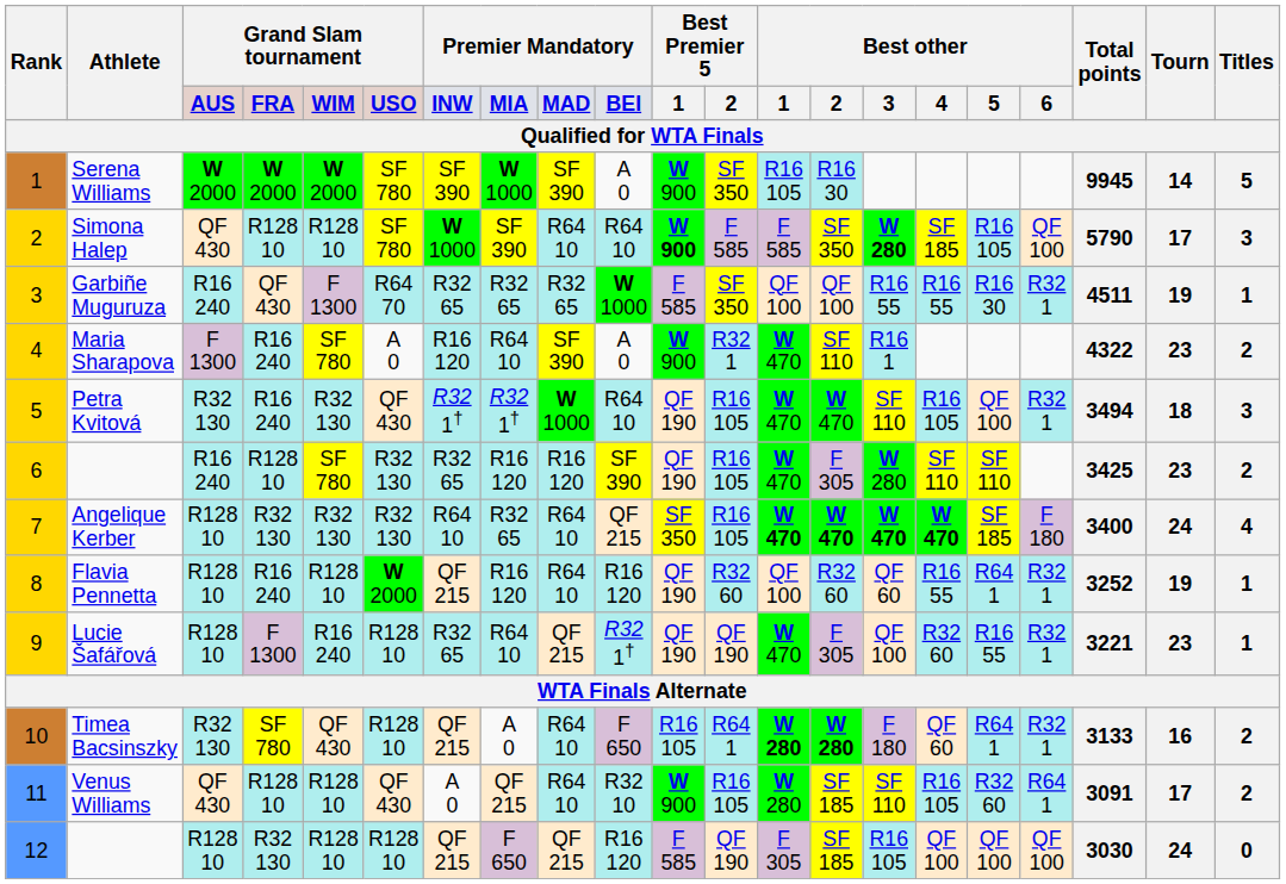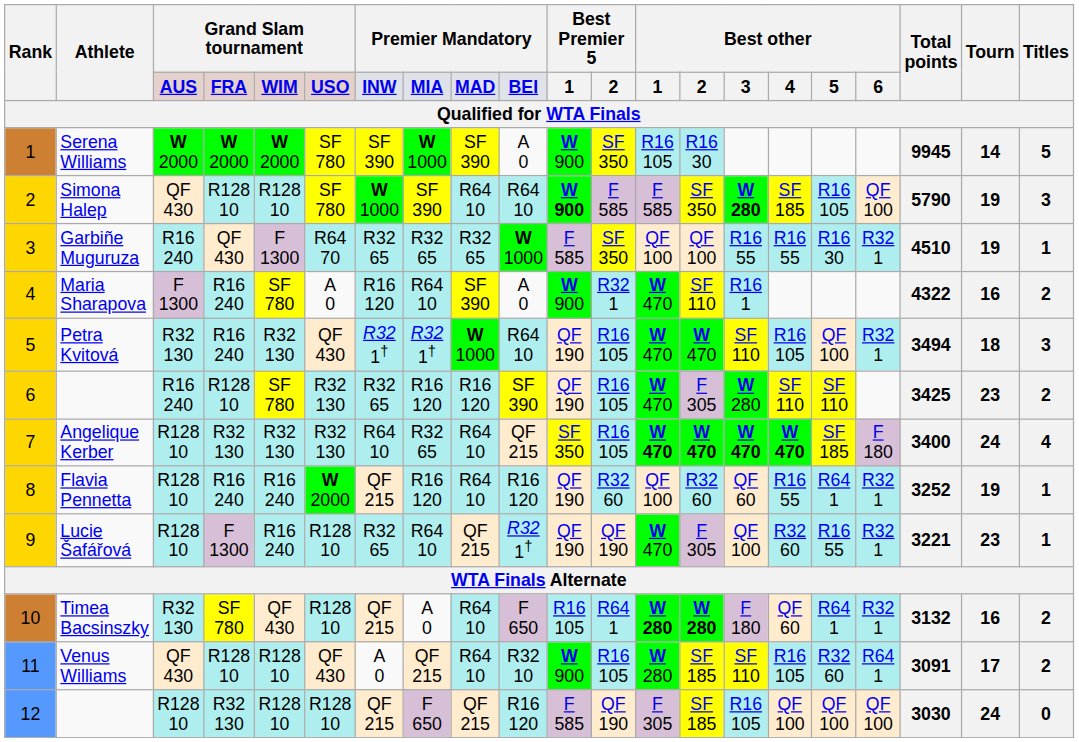 <table class=wikitable style=font-size:90%;text-align:center>
 <tr>
 <th rowspan=2>Rank</th>
 <th rowspan=2>Athlete</th>
 <th colspan=4>Grand Slam tournament</th>
 <th colspan=4>Premier Mandatory</th>
 <th colspan=2>Best Premier 5</th>
 <th colspan="6">Best other</th>
 <th rowspan=2>Total points</th>
 <th rowspan=2>Tourn</th>
 <th rowspan=2>Titles</th>
 </tr>
 <tr>
 <td style="background:#e5d1cb;"><strong><a href='#'>AUS</a></strong></td>
 <td style="background:#e5d1cb;"><strong><a href='#'>FRA</a></strong></td>
 <td style="background:#e5d1cb;"><strong><a href='#'>WIM</a></strong></td>
 <td style="background:#e5d1cb;"><strong><a href='#'>USO</a></strong></td>
 <td style="background:#dfe2e9;"><strong><a href='#'>INW</a></strong></td>
 <td style="background:#dfe2e9;"><strong><a href='#'>MIA</a></strong></td>
 <td style="background:#dfe2e9;"><strong><a href='#'>MAD</a></strong></td>
 <td style="background:#dfe2e9;"><strong><a href='#'>BEI</a></strong></td>
 <th width=30>1</th>
 <th width=30>2</th>
 <th width=30>1</th>
 <th width=30>2</th>
 <th width=30>3</th>
 <th width=30>4</th>
 <th width=30>5</th>
 <th width=30>6</th>
 </tr>
 <tr>
 <th colspan="26" align="central">Qualified for <a href='#'>WTA Finals</a></th>
 </tr>
 <tr>
 <td style="background:#cd7f32;">1</td>
 <td style="text-align:left;"> <a href='#'>Serena Williams</a></td>
 <td bgcolor=lime><strong>W</strong><br>2000</td>
 <td bgcolor=lime><strong>W</strong><br>2000</td>
 <td bgcolor=lime><strong>W</strong><br>2000</td>
 <td style="background:yellow;">SF<br>780</td>
 <td style="background:yellow;">SF<br>390</td>
 <td bgcolor=lime><strong>W</strong><br>1000</td>
 <td style="background:yellow;">SF<br>390</td>
 <td>A<br>0</td>
 <td bgcolor=lime><a href='#'><strong>W</strong></a><br>900</td>
 <td style="background:yellow;"><a href='#'>SF</a><br>350</td>
 <td style="background:#afeeee;"><a href='#'>R16</a><br>105</td>
 <td style="background:#afeeee;"><a href='#'>R16</a><br>30</td>
 <td></td>
 <td></td>
 <td></td>
 <td></td>
 <th>9945</th>
 <th>14</th>
 <th>5</th>
 </tr>
 <tr>
 <td bgcolor=gold>2</td>
 <td style="text-align:left;"> <a href='#'>Simona Halep</a></td>
 <td style="background:#ffebcd;">QF<br>430</td>
 <td style="background:#afeeee;">R128<br>10</td>
 <td style="background:#afeeee;">R128<br>10</td>
 <td style="background:yellow;">SF<br>780</td>
 <td bgcolor=lime><strong>W</strong><br>1000</td>
 <td style="background:yellow;">SF<br>390</td>
 <td style="background:#afeeee;">R64<br>10</td>
 <td style="background:#afeeee;">R64<br>10</td>
 <td bgcolor=lime><strong><a href='#'>W</a></strong><br><strong>900</strong></td>
 <td style="background:thistle;"><a href='#'>F</a><br>585</td>
 <td style="background:thistle;"><a href='#'>F</a><br>585</td>
 <td style="background:yellow;"><a href='#'>SF</a><br>350</td>
 <td bgcolor=lime><strong><a href='#'>W</a></strong><br><strong>280</strong></td>
 <td style="background:yellow;"><a href='#'>SF</a><br>185</td>
 <td style="background:#afeeee;"><a href='#'>R16</a><br>105</td>
 <td style="background:#ffebcd;"><a href='#'>QF</a><br>100</td>
 <th>5790</th>
-<th>17</th>
+<th>19</th>
 <th>3</th>
 </tr>
 <tr>
 <td bgcolor=gold>3</td>
 <td style="text-align:left;"> <a href='#'>Garbiñe Muguruza</a></td>
 <td style="background:#afeeee;">R16<br>240</td>
 <td style="background:#ffebcd;">QF<br>430</td>
 <td style="background:thistle;">F<br>1300</td>
 <td style="background:#afeeee;">R64<br>70</td>
 <td style="background:#afeeee;">R32<br>65</td>
 <td style="background:#afeeee;">R32<br>65</td>
 <td style="background:#afeeee;">R32<br>65</td>
 <td bgcolor=lime><strong>W</strong><br>1000</td>
 <td style="background:thistle;"><a href='#'>F</a><br>585</td>
 <td style="background:yellow;"><a href='#'>SF</a><br>350</td>
 <td style="background:#ffebcd;"><a href='#'>QF</a><br>100</td>
 <td style="background:#ffebcd;"><a href='#'>QF</a><br>100</td>
 <td style="background:#afeeee;"><a href='#'>R16</a><br>55</td>
 <td style="background:#afeeee;"><a href='#'>R16</a><br>55</td>
 <td style="background:#afeeee;"><a href='#'>R16</a><br>30</td>
 <td style="background:#afeeee;"><a href='#'>R32</a><br>1</td>
-<th>4511</th>
+<th>4510</th>
 <th>19</th>
 <th>1</th>
 </tr>
 <tr>
 <td bgcolor=gold>4</td>
 <td style="text-align:left;"> <a href='#'>Maria Sharapova</a></td>
 <td style="background:thistle;">F<br>1300</td>
 <td style="background:#afeeee;">R16<br>240</td>
 <td style="background:yellow;">SF<br>780</td>
 <td>A<br>0</td>
 <td style="background:#afeeee;">R16<br>120</td>
 <td style="background:#afeeee;">R64<br>10</td>
 <td style="background:yellow;">SF<br>390</td>
 <td>A<br>0</td>
 <td bgcolor=lime><a href='#'><strong>W</strong></a><br>900</td>
 <td style="background:#afeeee;"><a href='#'>R32</a><br>1</td>
 <td bgcolor=lime><a href='#'><strong>W</strong></a><br>470</td>
 <td style="background:yellow;"><a href='#'>SF</a><br>110</td>
 <td style="background:#afeeee;"><a href='#'>R16</a><br>1</td>
 <td></td>
 <td></td>
 <td></td>
 <th>4322</th>
-<th>23</th>
+<th>16</th>
 <th>2</th>
 </tr>
 <tr>
 <td bgcolor=gold>5</td>
 <td style="text-align:left;"> <a href='#'>Petra Kvitová</a></td>
 <td style="background:#afeeee;">R32<br>130</td>
 <td style="background:#afeeee;">R16<br>240</td>
 <td style="background:#afeeee;">R32<br>130</td>
 <td style="background:#ffebcd;">QF<br>430</td>
 <td style="background:#afeeee;"><em><a href='#'>R32</a></em><br>1<sup>†</sup></td>
 <td style="background:#afeeee;"><em><a href='#'>R32</a></em><br>1<sup>†</sup></td>
 <td bgcolor=lime><strong>W</strong><br>1000</td>
 <td style="background:#afeeee;">R64<br>10</td>
 <td style="background:#ffebcd;"><a href='#'>QF</a><br>190</td>
 <td style="background:#afeeee;"><a href='#'>R16</a><br>105</td>
 <td bgcolor=lime><a href='#'><strong>W</strong></a><br>470</td>
 <td bgcolor=lime><a href='#'><strong>W</strong></a><br>470</td>
 <td style="background:yellow;"><a href='#'>SF</a><br>110</td>
 <td style="background:#afeeee;"><a href='#'>R16</a><br>105</td>
 <td style="background:#ffebcd;"><a href='#'>QF</a><br>100</td>
 <td style="background:#afeeee;"><a href='#'>R32</a><br>1</td>
 <th>3494</th>
 <th>18</th>
 <th>3</th>
 </tr>
 <tr>
 <td bgcolor=gold>6</td>
 <td style="text-align:left;"></td>
 <td style="background:#afeeee;">R16<br>240</td>
 <td style="background:#afeeee;">R128<br>10</td>
 <td style="background:yellow;">SF<br>780</td>
 <td style="background:#afeeee;">R32<br>130</td>
 <td style="background:#afeeee;">R32<br>65</td>
 <td style="background:#afeeee;">R16<br>120</td>
 <td style="background:#afeeee;">R16<br>120</td>
 <td style="background:yellow;">SF<br>390</td>
 <td style="background:#ffebcd;"><a href='#'>QF</a><br>190</td>
 <td style="background:#afeeee;"><a href='#'>R16</a><br>105</td>
 <td bgcolor=lime><strong><a href='#'>W</a></strong><br>470</td>
 <td style="background:thistle;"><a href='#'>F</a><br>305</td>
 <td bgcolor=lime><strong><a href='#'>W</a></strong><br>280</td>
 <td style="background:yellow;"><a href='#'>SF</a><br>110</td>
 <td style="background:yellow;"><a href='#'>SF</a><br>110</td>
 <td></td>
 <th>3425</th>
 <th>23</th>
 <th>2</th>
 </tr>
 <tr>
 <td bgcolor=gold>7</td>
 <td style="text-align:left;"> <a href='#'>Angelique Kerber</a></td>
 <td style="background:#afeeee;">R128<br>10</td>
 <td style="background:#afeeee;">R32<br>130</td>
 <td style="background:#afeeee;">R32<br>130</td>
 <td style="background:#afeeee;">R32<br>130</td>
 <td style="background:#afeeee;">R64<br>10</td>
 <td style="background:#afeeee;">R32<br>65</td>
 <td style="background:#afeeee;">R64<br>10</td>
 <td style="background:#ffebcd;">QF<br>215</td>
 <td style="background:yellow;"><a href='#'>SF</a><br>350</td>
 <td style="background:#afeeee;"><a href='#'>R16</a><br>105</td>
 <td bgcolor=lime><strong><a href='#'>W</a></strong><br><strong>470</strong></td>
 <td bgcolor=lime><strong><a href='#'>W</a></strong><br><strong>470</strong></td>
 <td bgcolor=lime><strong><a href='#'>W</a></strong><br><strong>470</strong></td>
 <td bgcolor=lime><strong><a href='#'>W</a></strong><br><strong>470</strong></td>
 <td style="background:yellow;"><a href='#'>SF</a><br>185</td>
 <td style="background:thistle;"><a href='#'>F</a><br>180</td>
 <th>3400</th>
 <th>24</th>
 <th>4</th>
 </tr>
 <tr>
 <td bgcolor=gold>8</td>
 <td style="text-align:left;"> <a href='#'>Flavia Pennetta</a></td>
 <td style="background:#afeeee;">R128<br>10</td>
 <td style="background:#afeeee;">R16<br>240</td>
-<td style="background:#afeeee;">R128<br>10</td>
+<td style="background:#afeeee;">R16<br>240</td>
 <td bgcolor=lime><strong>W</strong><br>2000</td>
 <td style="background:#ffebcd;">QF<br>215</td>
 <td style="background:#afeeee;">R16<br>120</td>
 <td style="background:#afeeee;">R64<br>10</td>
 <td style="background:#afeeee;">R16<br>120</td>
 <td style="background:#ffebcd;"><a href='#'>QF</a><br>190</td>
 <td style="background:#afeeee;"><a href='#'>R32</a><br>60</td>
 <td style="background:#ffebcd;"><a href='#'>QF</a><br>100</td>
 <td style="background:#afeeee;"><a href='#'>R32</a><br>60</td>
 <td style="background:#ffebcd;"><a href='#'>QF</a><br>60</td>
 <td style="background:#afeeee;"><a href='#'>R16</a><br>55</td>
 <td style="background:#afeeee;"><a href='#'>R64</a><br>1</td>
 <td style="background:#afeeee;"><a href='#'>R32</a><br>1</td>
 <th>3252</th>
 <th>19</th>
 <th>1</th>
 </tr>
 <tr>
 <td bgcolor=gold>9</td>
 <td style="text-align:left;"> <a href='#'>Lucie Šafářová</a></td>
 <td style="background:#afeeee;">R128<br>10</td>
 <td style="background:thistle;">F<br>1300</td>
 <td style="background:#afeeee;">R16<br>240</td>
 <td style="background:#afeeee;">R128<br>10</td>
 <td style="background:#afeeee;">R32<br>65</td>
 <td style="background:#afeeee;">R64<br>10</td>
 <td style="background:#ffebcd;">QF<br>215</td>
 <td style="background:#afeeee;"><em><a href='#'>R32</a></em><br>1<sup>†</sup></td>
 <td style="background:#ffebcd;"><a href='#'>QF</a><br>190</td>
 <td style="background:#ffebcd;"><a href='#'>QF</a><br>190</td>
 <td bgcolor=lime><a href='#'><strong>W</strong></a><br>470</td>
 <td style="background:thistle;"><a href='#'>F</a><br>305</td>
 <td style="background:#ffebcd;"><a href='#'>QF</a><br>100</td>
 <td style="background:#afeeee;"><a href='#'>R32</a><br>60</td>
 <td style="background:#afeeee;"><a href='#'>R16</a><br>55</td>
 <td style="background:#afeeee;"><a href='#'>R32</a><br>1</td>
 <th>3221</th>
 <th>23</th>
 <th>1</th>
 </tr>
 <tr>
 <th colspan="26" align="central"><a href='#'>WTA Finals</a> Alternate</th>
 </tr>
 <tr>
 <td style="background:#cd7f32;">10</td>
 <td style="text-align:left;"> <a href='#'>Timea Bacsinszky</a></td>
 <td style="background:#afeeee;">R32<br>130</td>
 <td style="background:yellow;">SF<br>780</td>
 <td style="background:#ffebcd;">QF<br>430</td>
 <td style="background:#afeeee;">R128<br>10</td>
 <td style="background:#ffebcd;">QF<br>215</td>
 <td>A<br>0</td>
 <td style="background:#afeeee;">R64<br>10</td>
 <td style="background:thistle;">F<br>650</td>
 <td style="background:#afeeee;"><a href='#'>R16</a><br>105</td>
 <td style="background:#afeeee;"><a href='#'>R64</a><br>1</td>
 <td bgcolor=lime><strong><a href='#'>W</a></strong><br><strong>280</strong></td>
 <td bgcolor=lime><strong><a href='#'>W</a></strong><br><strong>280</strong></td>
 <td style="background:thistle;"><a href='#'>F</a><br>180</td>
 <td style="background:#ffebcd;"><a href='#'>QF</a><br>60</td>
 <td style="background:#afeeee;"><a href='#'>R64</a><br>1</td>
 <td style="background:#afeeee;"><a href='#'>R32</a><br>1</td>
-<th>3133</th>
+<th>3132</th>
 <th>16</th>
 <th>2</th>
 </tr>
 <tr>
 <td style="background:#59f;">11</td>
 <td style="text-align:left;"> <a href='#'>Venus Williams</a></td>
 <td style="background:#ffebcd;">QF<br>430</td>
 <td style="background:#afeeee;">R128<br>10</td>
 <td style="background:#afeeee;">R128<br>10</td>
 <td style="background:#ffebcd;">QF<br>430</td>
 <td>A<br>0</td>
 <td style="background:#ffebcd;">QF<br>215</td>
 <td style="background:#afeeee;">R64<br>10</td>
 <td style="background:#afeeee;">R32<br>10</td>
 <td bgcolor=lime><a href='#'><strong>W</strong></a><br>900</td>
 <td style="background:#afeeee;"><a href='#'>R16</a><br>105</td>
 <td bgcolor=lime><a href='#'><strong>W</strong></a><br>280</td>
 <td style="background:yellow;"><a href='#'>SF</a><br>185</td>
 <td style="background:yellow;"><a href='#'>SF</a><br>110</td>
 <td style="background:#afeeee;"><a href='#'>R16</a><br>105</td>
 <td style="background:#afeeee;"><a href='#'>R32</a><br>60</td>
 <td style="background:#afeeee;"><a href='#'>R64</a><br>1</td>
 <th>3091</th>
 <th>17</th>
 <th>2</th>
 </tr>
 <tr>
 <td style="background:#59f;">12</td>
 <td style="text-align:left;"></td>
 <td style="background:#afeeee;">R128<br>10</td>
 <td style="background:#afeeee;">R32<br>130</td>
 <td style="background:#afeeee;">R128<br>10</td>
 <td style="background:#afeeee;">R128<br>10</td>
 <td style="background:#ffebcd;">QF<br>215</td>
 <td style="background:thistle;">F<br>650</td>
 <td style="background:#ffebcd;">QF<br>215</td>
 <td style="background:#afeeee;">R16<br>120</td>
 <td style="background:thistle;"><a href='#'>F</a><br>585</td>
 <td style="background:#ffebcd;"><a href='#'>QF</a><br>190</td>
 <td style="background:thistle;"><a href='#'>F</a><br>305</td>
 <td style="background:yellow;"><a href='#'>SF</a><br>185</td>
 <td style="background:#afeeee;"><a href='#'>R16</a><br>105</td>
 <td style="background:#ffebcd;"><a href='#'>QF</a><br>100</td>
 <td style="background:#ffebcd;"><a href='#'>QF</a><br>100</td>
 <td style="background:#ffebcd;"><a href='#'>QF</a><br>100</td>
 <th>3030</th>
 <th>24</th>
 <th>0</th>
 </tr>
 </table>
